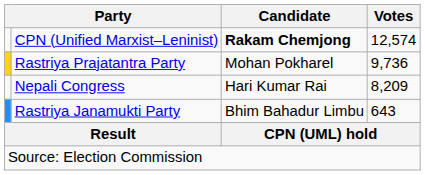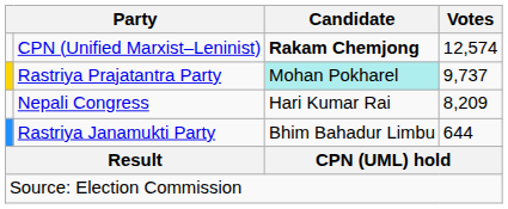 <table class="wikitable">
 <tr>
 <th colspan="2">Party</th>
 <th>Candidate</th>
 <th>Votes</th>
 </tr>
 <tr>
 <td style="background-color:"></td>
 <td><a href='#'>CPN (Unified Marxist–Leninist)</a></td>
 <td><strong>Rakam Chemjong</strong></td>
 <td>12,574</td>
 </tr>
 <tr>
 <td style="background-color:gold"></td>
 <td><a href='#'>Rastriya Prajatantra Party</a></td>
-<td>Mohan Pokharel</td>
-<td>9,736</td>
+<td style="background: paleturquoise;">Mohan Pokharel</td>
+<td>9,737</td>
 </tr>
 <tr>
 <td style="background-color:"></td>
 <td><a href='#'>Nepali Congress</a></td>
 <td>Hari Kumar Rai</td>
 <td>8,209</td>
 </tr>
 <tr>
 <td style="background-color:dodgerblue"></td>
 <td><a href='#'>Rastriya Janamukti Party</a></td>
 <td>Bhim Bahadur Limbu</td>
-<td>643</td>
+<td>644</td>
 </tr>
 <tr>
 <th colspan="2">Result</th>
 <th colspan="2">CPN (UML) hold</th>
 </tr>
 <tr>
 <td colspan="4">Source: Election Commission</td>
 </tr>
 </table>
